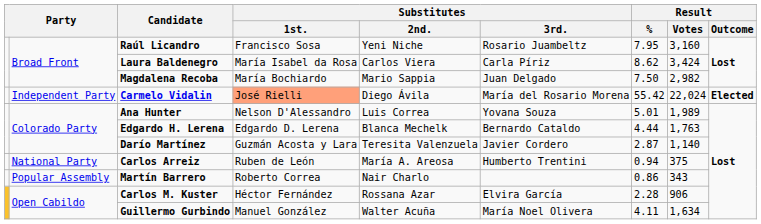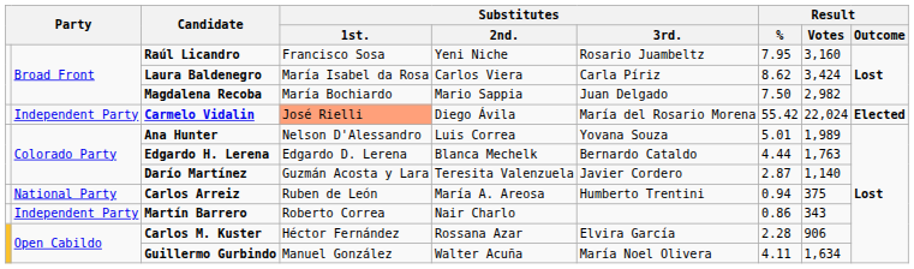 <table class="wikitable">
 <tr>
 <th colspan="2" rowspan="2">Party</th>
 <th rowspan="2">Candidate</th>
 <th colspan="3">Substitutes</th>
 <th colspan="3">Result</th>
 </tr>
 <tr>
 <th>1st.</th>
 <th>2nd.</th>
 <th>3rd.</th>
 <th>%</th>
 <th>Votes</th>
 <th>Outcome</th>
 </tr>
 <tr>
 <td rowspan="3" style="background:"></td>
 <td rowspan="3"><a href='#'>Broad Front</a></td>
 <td><strong>Raúl Licandro</strong></td>
 <td>Francisco Sosa</td>
 <td>Yeni Niche</td>
 <td>Rosario Juambeltz</td>
 <td>7.95</td>
 <td>3,160</td>
 <td rowspan="3"><strong>Lost</strong> </td>
 </tr>
 <tr>
 <td><strong>Laura Baldenegro</strong></td>
 <td>María Isabel da Rosa</td>
 <td>Carlos Viera</td>
 <td>Carla Píriz</td>
 <td>8.62</td>
 <td>3,424</td>
 </tr>
 <tr>
 <td><strong>Magdalena Recoba</strong></td>
 <td>María Bochiardo</td>
 <td>Mario Sappia</td>
 <td>Juan Delgado</td>
 <td>7.50</td>
 <td>2,982</td>
 </tr>
 <tr>
 <td style="background:"></td>
 <td><a href='#'>Independent Party</a></td>
 <td><strong><a href='#'>Carmelo Vidalin</a></strong></td>
 <td style="background: lightsalmon;">José Rielli</td>
 <td>Diego Ávila</td>
 <td>María del Rosario Morena</td>
 <td>55.42</td>
 <td>22,024</td>
 <td><strong>Elected</strong> </td>
 </tr>
 <tr>
 <td rowspan="3" style="background:"></td>
 <td rowspan="3"><a href='#'>Colorado Party</a></td>
 <td><strong>Ana Hunter</strong></td>
 <td>Nelson D'Alessandro</td>
 <td>Luis Correa</td>
 <td>Yovana Souza</td>
 <td>5.01</td>
 <td>1,989</td>
 <td rowspan="7"><strong>Lost</strong> </td>
 </tr>
 <tr>
 <td><strong>Edgardo H. Lerena</strong></td>
 <td>Edgardo D. Lerena</td>
 <td>Blanca Mechelk</td>
 <td>Bernardo Cataldo</td>
 <td>4.44</td>
 <td>1,763</td>
 </tr>
 <tr>
 <td><strong>Darío Martínez</strong></td>
 <td>Guzmán Acosta y Lara</td>
 <td>Teresita Valenzuela</td>
 <td>Javier Cordero</td>
 <td>2.87</td>
 <td>1,140</td>
 </tr>
 <tr>
 <td style="background:"></td>
 <td><a href='#'>National Party</a></td>
 <td><strong>Carlos Arreiz</strong></td>
 <td>Ruben de León</td>
 <td>María A. Areosa</td>
 <td>Humberto Trentini</td>
 <td>0.94</td>
 <td>375</td>
 </tr>
 <tr>
 <td style="background:"></td>
-<td><a href='#'>Popular Assembly</a></td>
+<td><a href='#'>Independent Party</a></td>
 <td><strong>Martín Barrero</strong></td>
 <td>Roberto Correa</td>
 <td>Nair Charlo</td>
 <td></td>
 <td>0.86</td>
 <td>343</td>
 </tr>
 <tr>
 <td rowspan="2" style="background:#FBC22B"></td>
 <td rowspan="2"><a href='#'>Open Cabildo</a></td>
 <td><strong>Carlos M. Kuster</strong></td>
 <td>Héctor Fernández</td>
 <td>Rossana Azar</td>
 <td>Elvira García</td>
 <td>2.28</td>
 <td>906</td>
 </tr>
 <tr>
 <td><strong>Guillermo Gurbindo</strong></td>
 <td>Manuel González</td>
 <td>Walter Acuña</td>
 <td>María Noel Olivera</td>
 <td>4.11</td>
 <td>1,634</td>
 </tr>
 </table>
